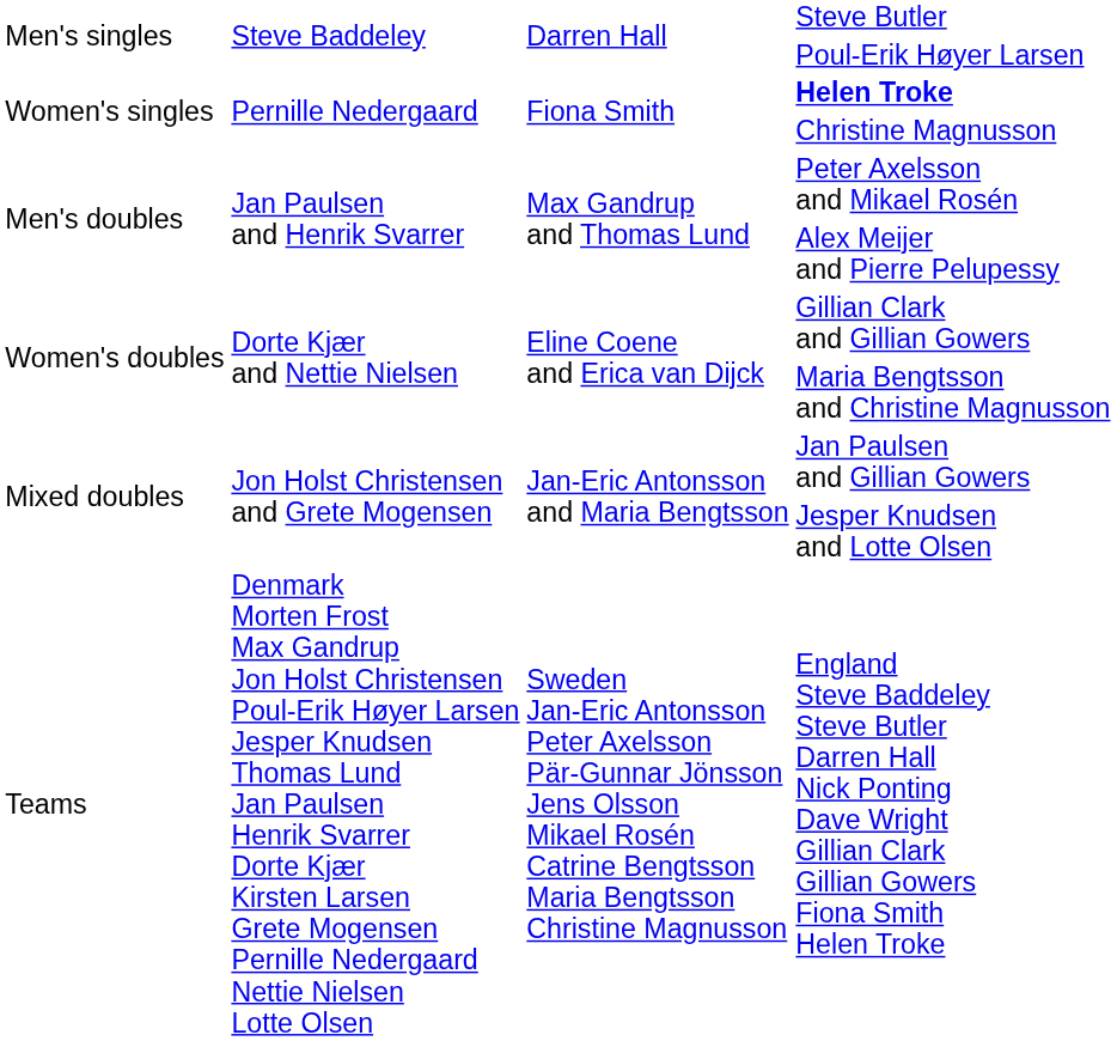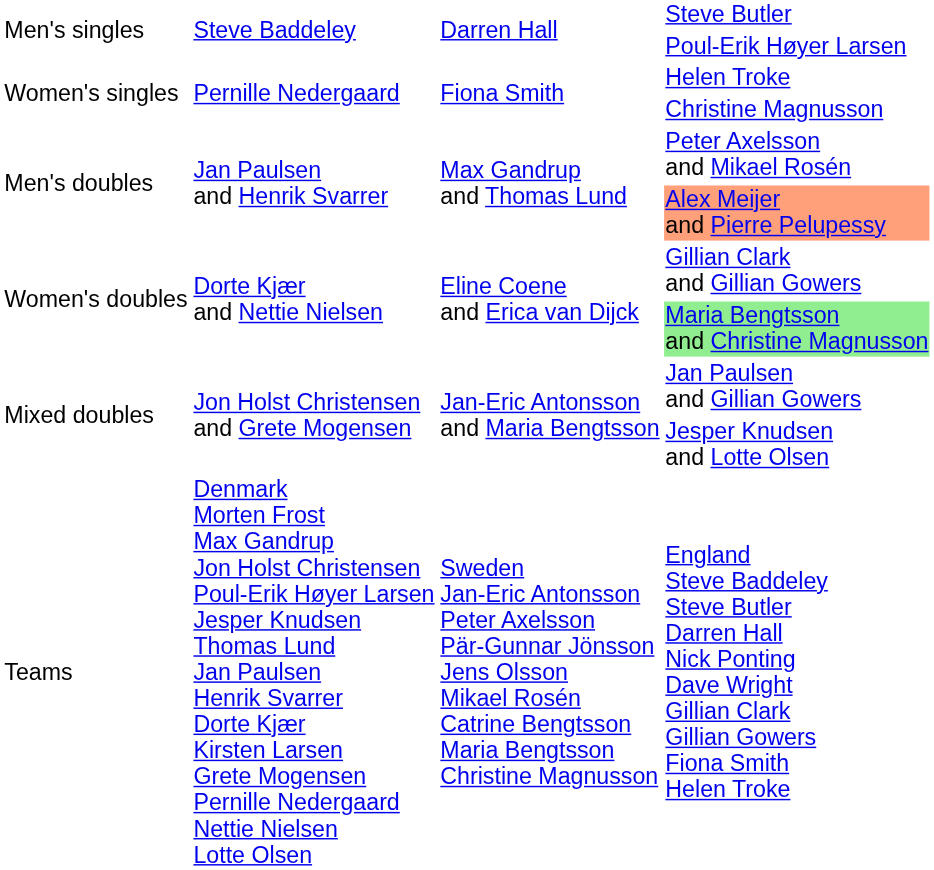 <table>
 <tr>
 <td rowspan=2>Men's singles</td>
 <td rowspan=2> <a href='#'>Steve Baddeley</a></td>
 <td rowspan=2> <a href='#'>Darren Hall</a></td>
 <td> <a href='#'>Steve Butler</a></td>
 </tr>
 <tr>
 <td> <a href='#'>Poul-Erik Høyer Larsen</a></td>
 </tr>
 <tr>
 <td rowspan=2>Women's singles</td>
 <td rowspan=2> <a href='#'>Pernille Nedergaard</a></td>
 <td rowspan=2> <a href='#'>Fiona Smith</a></td>
-<td><strong> <a href='#'>Helen Troke</a></strong></td>
+<td> <a href='#'>Helen Troke</a></td>
 </tr>
 <tr>
 <td> <a href='#'>Christine Magnusson</a></td>
 </tr>
 <tr>
 <td rowspan=2>Men's doubles</td>
 <td rowspan=2> <a href='#'>Jan Paulsen</a><br>and <a href='#'>Henrik Svarrer</a></td>
 <td rowspan=2> <a href='#'>Max Gandrup</a><br>and <a href='#'>Thomas Lund</a></td>
 <td> <a href='#'>Peter Axelsson</a><br>and <a href='#'>Mikael Rosén</a></td>
 </tr>
 <tr>
-<td> <a href='#'>Alex Meijer</a><br>and <a href='#'>Pierre Pelupessy</a></td>
+<td style="background: lightsalmon;"> <a href='#'>Alex Meijer</a><br>and <a href='#'>Pierre Pelupessy</a></td>
 </tr>
 <tr>
 <td rowspan=2>Women's doubles</td>
 <td rowspan=2> <a href='#'>Dorte Kjær</a><br>and <a href='#'>Nettie Nielsen</a></td>
 <td rowspan=2> <a href='#'>Eline Coene</a><br>and <a href='#'>Erica van Dijck</a></td>
 <td> <a href='#'>Gillian Clark</a><br>and <a href='#'>Gillian Gowers</a></td>
 </tr>
 <tr>
-<td> <a href='#'>Maria Bengtsson</a><br>and <a href='#'>Christine Magnusson</a></td>
+<td style="background: lightgreen;"> <a href='#'>Maria Bengtsson</a><br>and <a href='#'>Christine Magnusson</a></td>
 </tr>
 <tr>
 <td rowspan=2>Mixed doubles</td>
 <td rowspan=2> <a href='#'>Jon Holst Christensen</a><br>and <a href='#'>Grete Mogensen</a></td>
 <td rowspan=2> <a href='#'>Jan-Eric Antonsson</a><br>and <a href='#'>Maria Bengtsson</a></td>
 <td> <a href='#'>Jan Paulsen</a><br>and  <a href='#'>Gillian Gowers</a></td>
 </tr>
 <tr>
 <td> <a href='#'>Jesper Knudsen</a><br>and <a href='#'>Lotte Olsen</a></td>
 </tr>
 <tr>
 <td>Teams</td>
 <td> <a href='#'>Denmark</a><br><a href='#'>Morten Frost</a><br><a href='#'>Max Gandrup</a><br><a href='#'>Jon Holst Christensen</a><br><a href='#'>Poul-Erik Høyer Larsen</a><br><a href='#'>Jesper Knudsen</a><br><a href='#'>Thomas Lund</a><br><a href='#'>Jan Paulsen</a><br><a href='#'>Henrik Svarrer</a><br><a href='#'>Dorte Kjær</a><br><a href='#'>Kirsten Larsen</a><br><a href='#'>Grete Mogensen</a><br><a href='#'>Pernille Nedergaard</a><br><a href='#'>Nettie Nielsen</a><br><a href='#'>Lotte Olsen</a></td>
 <td> <a href='#'>Sweden</a><br><a href='#'>Jan-Eric Antonsson</a><br><a href='#'>Peter Axelsson</a><br><a href='#'>Pär-Gunnar Jönsson</a><br><a href='#'>Jens Olsson</a><br><a href='#'>Mikael Rosén</a><br><a href='#'>Catrine Bengtsson</a><br><a href='#'>Maria Bengtsson</a><br><a href='#'>Christine Magnusson</a></td>
 <td> <a href='#'>England</a><br><a href='#'>Steve Baddeley</a><br><a href='#'>Steve Butler</a><br><a href='#'>Darren Hall</a><br><a href='#'>Nick Ponting</a><br><a href='#'>Dave Wright</a><br><a href='#'>Gillian Clark</a><br><a href='#'>Gillian Gowers</a><br><a href='#'>Fiona Smith</a><br><a href='#'>Helen Troke</a></td>
 </tr>
 </table>
